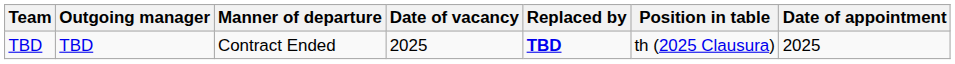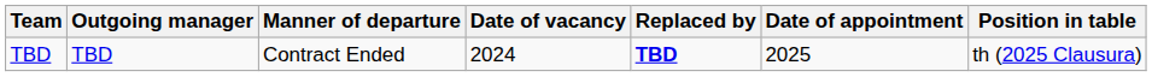 <table class="wikitable">
 <tr>
 <th>Team</th>
 <th>Outgoing manager</th>
 <th>Manner of departure</th>
 <th>Date of vacancy</th>
 <th>Replaced by</th>
+<th>Date of appointment</th>
 <th>Position in table</th>
-<th>Date of appointment</th>
 </tr>
 <tr>
 <td><a href='#'>TBD</a></td>
 <td> <a href='#'>TBD</a></td>
 <td>Contract Ended</td>
+<td>2024</td>
+<td><strong> <a href='#'>TBD</a></strong></td>
 <td>2025</td>
-<td><strong> <a href='#'>TBD</a></strong></td>
 <td>th (<a href='#'>2025 Clausura</a>)</td>
-<td>2025</td>
 </tr>
 </table>
